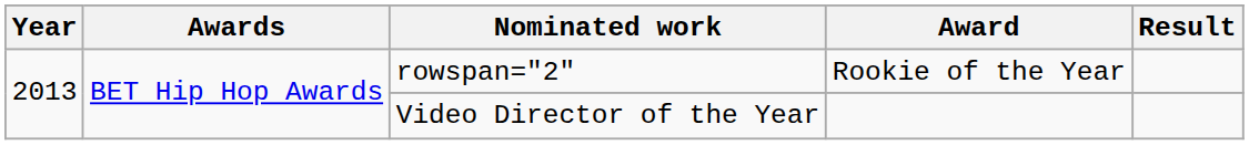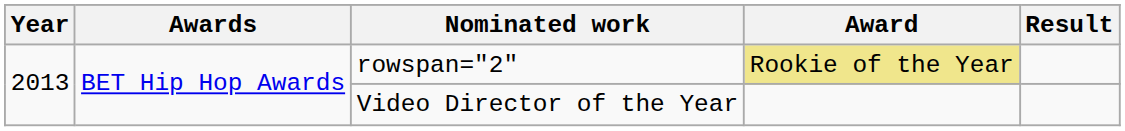 <table class="wikitable">
 <tr>
 <th>Year</th>
 <th>Awards</th>
 <th>Nominated work</th>
 <th>Award</th>
 <th>Result</th>
 </tr>
 <tr>
 <td rowspan="2">2013</td>
 <td rowspan="2"><a href='#'>BET Hip Hop Awards</a></td>
 <td>rowspan="2" </td>
-<td>Rookie of the Year</td>
+<td style="background: khaki;">Rookie of the Year</td>
 <td></td>
 </tr>
 <tr>
 <td>Video Director of the Year</td>
 <td></td>
 </tr>
 </table>
